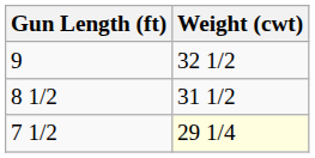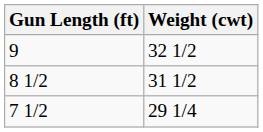 <table class="wikitable">
 <tr>
 <th>Gun Length (ft)</th>
 <th>Weight (cwt)</th>
 </tr>
 <tr>
 <td>9</td>
 <td>32 1/2</td>
 </tr>
 <tr>
 <td>8 1/2</td>
 <td>31 1/2</td>
 </tr>
 <tr>
 <td>7 1/2</td>
-<td style="background: lightyellow;">29 1/4</td>
+<td>29 1/4</td>
 </tr>
 </table>
